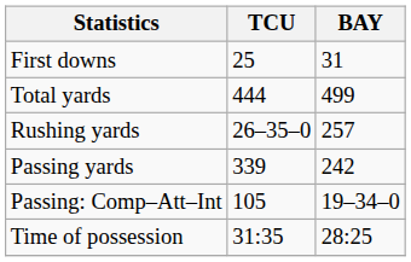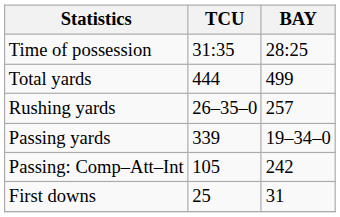 <table class="wikitable" style="float: left;">
 <tr>
 <th>Statistics</th>
 <th>TCU</th>
 <th>BAY</th>
 </tr>
 <tr>
-<td>First downs</td>
-<td>25</td>
-<td>31</td>
+<td>Time of possession</td>
+<td>31:35</td>
+<td>28:25</td>
 </tr>
 <tr>
 <td>Total yards</td>
 <td>444</td>
 <td>499</td>
 </tr>
 <tr>
 <td>Rushing yards</td>
 <td>26–35–0</td>
 <td>257</td>
 </tr>
 <tr>
 <td>Passing yards</td>
 <td>339</td>
-<td>242</td>
+<td>19–34–0</td>
 </tr>
 <tr>
 <td>Passing: Comp–Att–Int</td>
 <td>105</td>
-<td>19–34–0</td>
+<td>242</td>
 </tr>
 <tr>
-<td>Time of possession</td>
-<td>31:35</td>
-<td>28:25</td>
+<td>First downs</td>
+<td>25</td>
+<td>31</td>
 </tr>
 <tr>
 </tr>
 </table>
